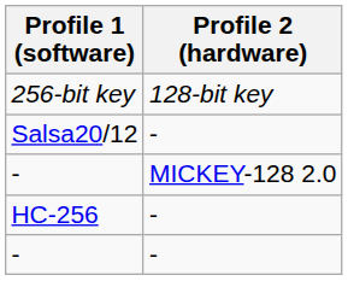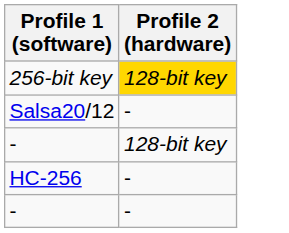 <table class="wikitable">
 <tr>
 <th>Profile 1 <br> (software)</th>
 <th>Profile 2 <br> (hardware)</th>
 </tr>
 <tr>
 <td><em>256-bit key</em></td>
-<td><em>128-bit key</em></td>
+<td style="background: gold;"><em>128-bit key</em></td>
 </tr>
 <tr>
 <td><a href='#'>Salsa20</a>/12</td>
 <td>-</td>
 </tr>
 <tr>
 <td>-</td>
-<td><a href='#'>MICKEY</a>-128 2.0</td>
+<td><em>128-bit key</em></td>
 </tr>
 <tr>
 <td><a href='#'>HC-256</a></td>
 <td>-</td>
 </tr>
 <tr>
 <td>-</td>
 <td>-</td>
 </tr>
 </table>
